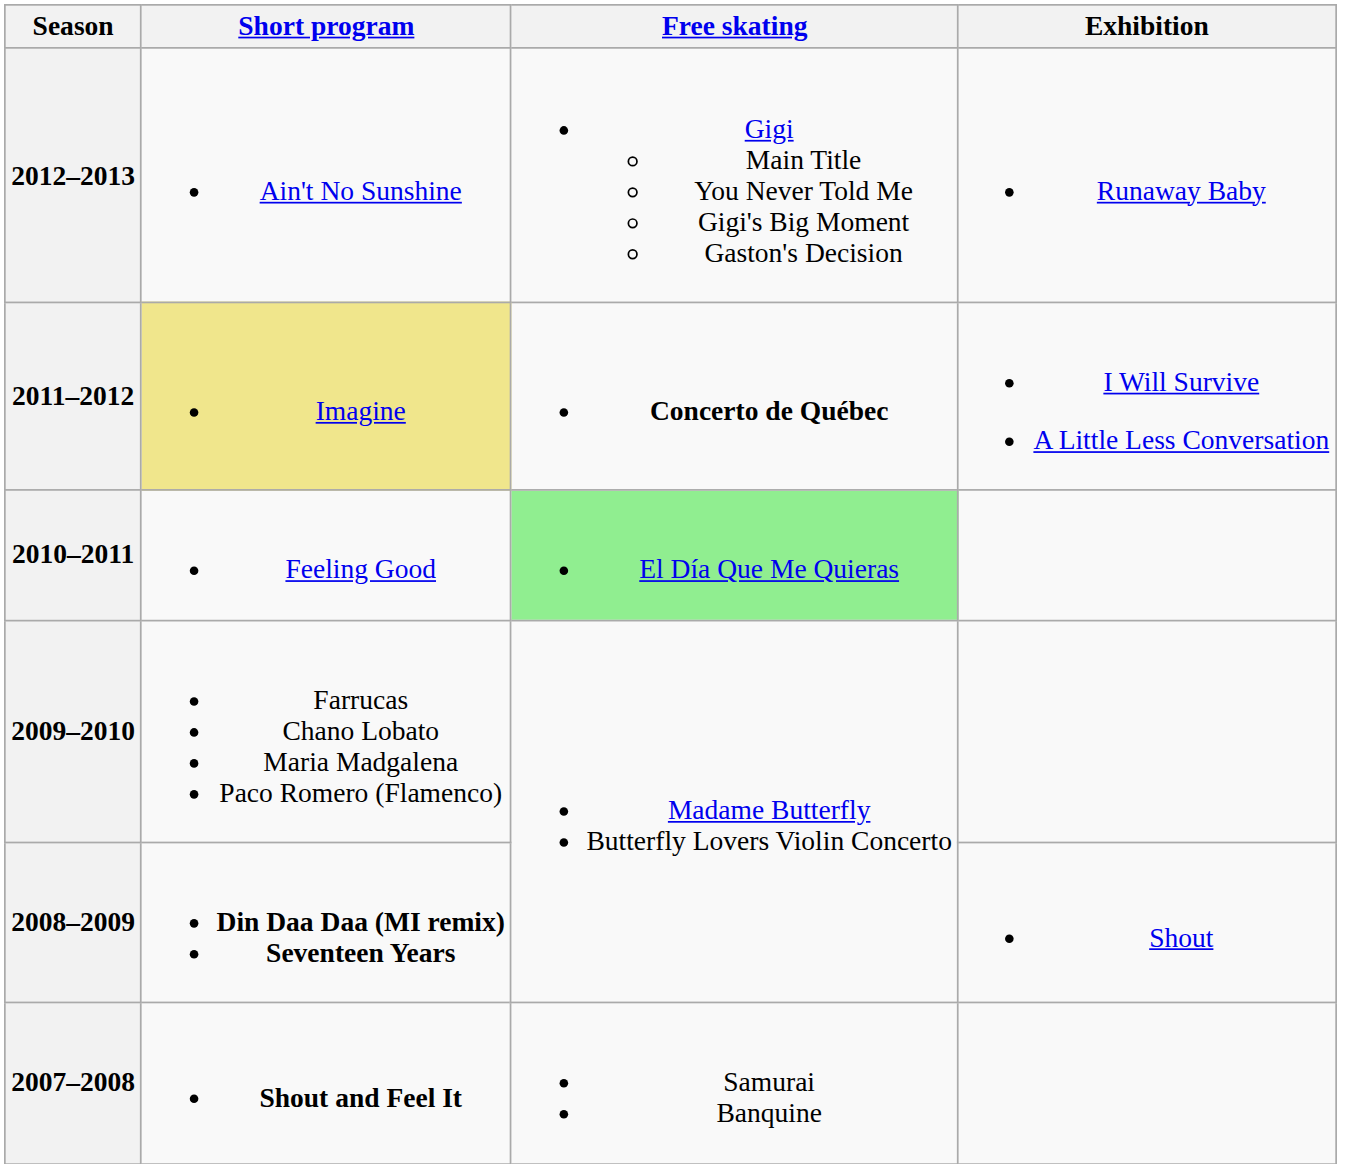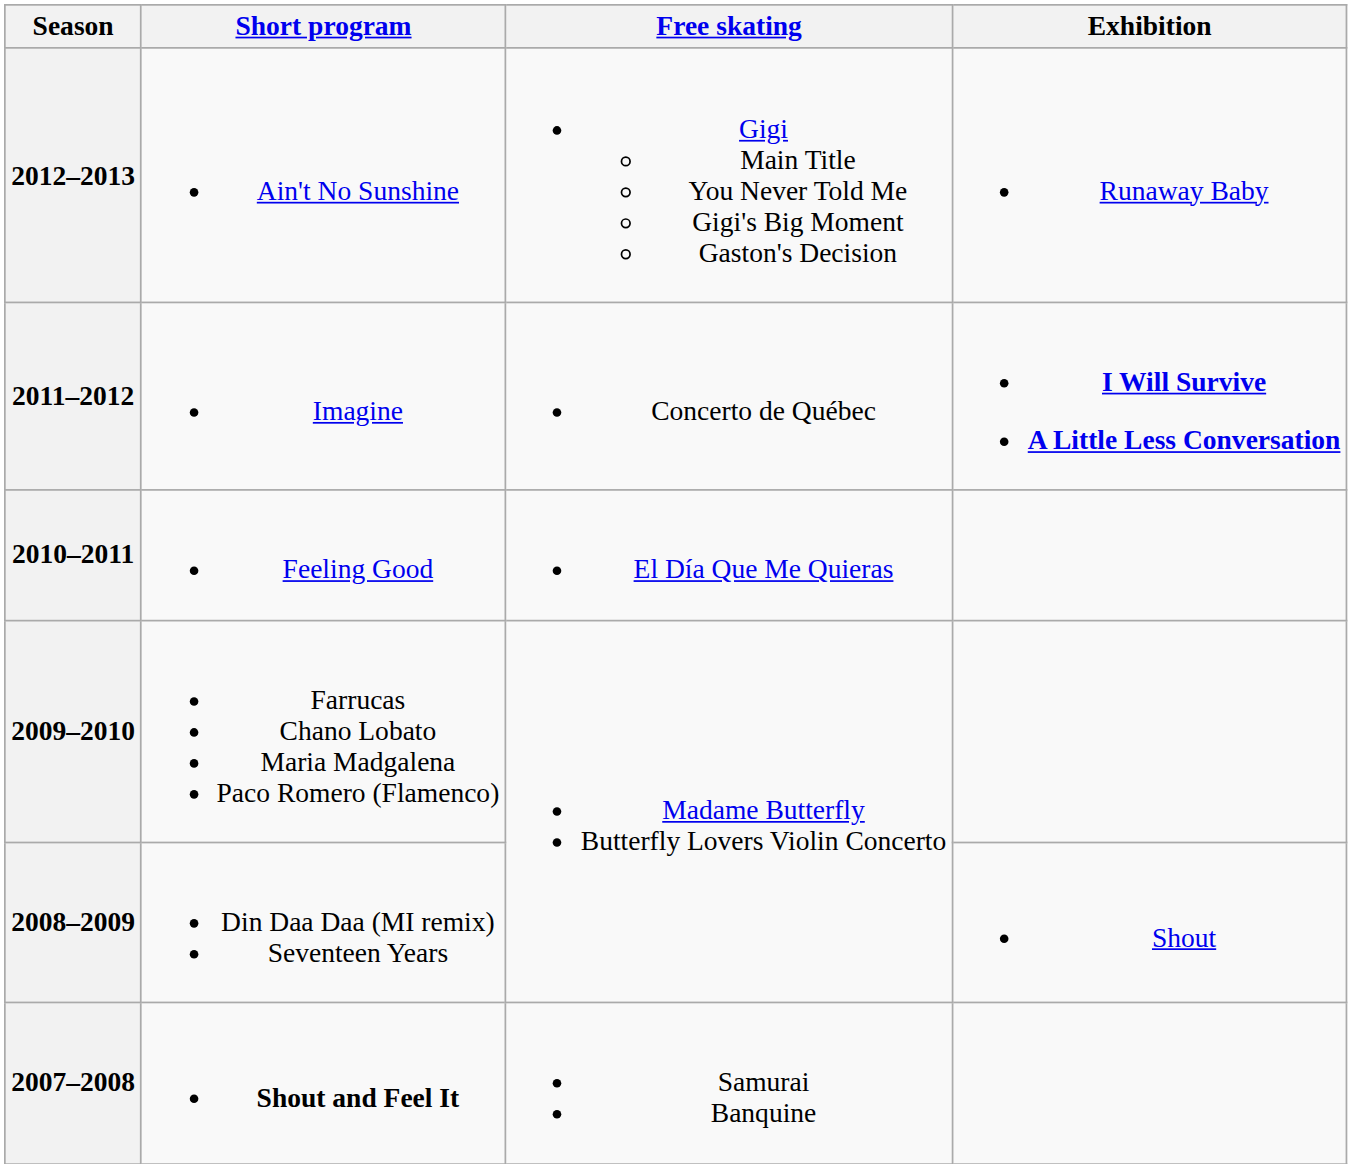 <table class="wikitable" style="text-align:center">
 <tr>
 <th>Season</th>
 <th><a href='#'>Short program</a></th>
 <th><a href='#'>Free skating</a></th>
 <th>Exhibition</th>
 </tr>
 <tr>
 <th>2012–2013 <br> </th>
 <td><br><ul><li><a href='#'>Ain't No Sunshine</a> <br></li></ul></td>
 <td><br><ul><li><a href='#'>Gigi</a><ul><li>Main Title</li><li>You Never Told Me</li><li>Gigi's Big Moment</li><li>Gaston's Decision</li></ul></li></ul></td>
 <td><br><ul><li><a href='#'>Runaway Baby</a> <br></li></ul></td>
 </tr>
 <tr>
 <th>2011–2012 <br> </th>
-<td style="background: khaki;"><br><ul><li><a href='#'>Imagine</a> <br></li></ul></td>
-<td><strong><br><ul><li>Concerto de Québec <br></li></ul></strong></td>
-<td><br><ul><li><a href='#'>I Will Survive</a> <br></li></ul><ul><li><a href='#'>A Little Less Conversation</a> <br></li></ul></td>
+<td><br><ul><li><a href='#'>Imagine</a> <br></li></ul></td>
+<td><br><ul><li>Concerto de Québec <br></li></ul></td>
+<td><strong><br><ul><li><a href='#'>I Will Survive</a> <br></li></ul><ul><li><a href='#'>A Little Less Conversation</a> <br></li></ul></strong></td>
 </tr>
 <tr>
 <th>2010–2011 <br> </th>
 <td><br><ul><li><a href='#'>Feeling Good</a> <br></li></ul></td>
-<td style="background: lightgreen;"><br><ul><li><a href='#'>El Día Que Me Quieras</a> <br></li></ul></td>
+<td><br><ul><li><a href='#'>El Día Que Me Quieras</a> <br></li></ul></td>
 <td></td>
 </tr>
 <tr>
 <th>2009–2010 <br> </th>
 <td><br><ul><li>Farrucas <br></li><li>Chano Lobato</li><li>Maria Madgalena</li><li>Paco Romero (Flamenco)</li></ul></td>
 <td rowspan=2><br><ul><li><a href='#'>Madame Butterfly</a> <br></li><li>Butterfly Lovers Violin Concerto <br></li></ul></td>
 <td></td>
 </tr>
 <tr>
 <th>2008–2009 <br> </th>
-<td><strong><br><ul><li>Din Daa Daa (MI remix) <br></li><li>Seventeen Years <br></li></ul></strong></td>
+<td><br><ul><li>Din Daa Daa (MI remix) <br></li><li>Seventeen Years <br></li></ul></td>
 <td><br><ul><li><a href='#'>Shout</a> <br></li></ul></td>
 </tr>
 <tr>
 <th>2007–2008 <br> </th>
 <td><strong><br><ul><li>Shout and Feel It <br></li></ul></strong></td>
 <td><br><ul><li>Samurai <br></li><li>Banquine <br></li></ul></td>
 <td></td>
 </tr>
 </table>
